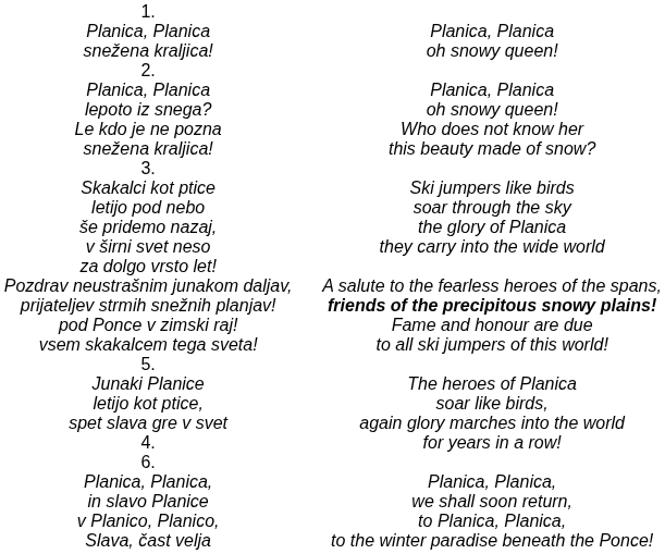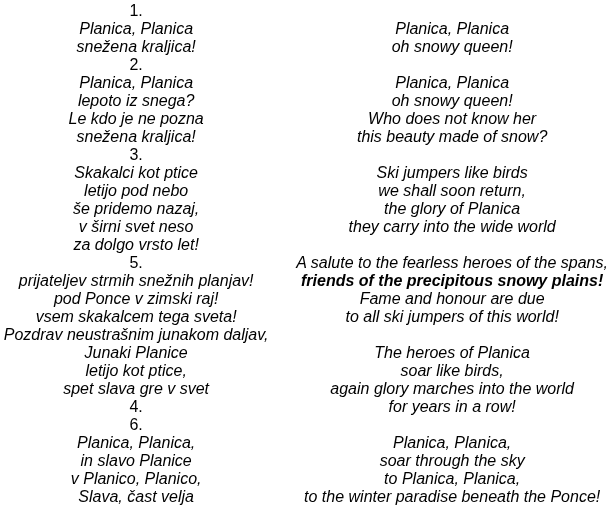 <table border="0" cellpadding="0" cellspacing="0" width="50%">
 <tr>
 <td align="center">1.</td>
 </tr>
 <tr>
 <td align="center"><em>Planica, Planica</em></td>
 <td align="center"><em>Planica, Planica</em></td>
 </tr>
 <tr>
 <td align="center"><em>snežena kraljica!</em></td>
 <td align="center"><em>oh snowy queen!</em></td>
 </tr>
 <tr>
 <td align="center">2.</td>
 </tr>
 <tr>
 <td align="center"><em>Planica, Planica</em></td>
 <td align="center"><em>Planica, Planica</em></td>
 </tr>
 <tr>
 <td align="center"><em>lepoto iz snega?</em></td>
 <td align="center"><em>oh snowy queen!</em></td>
 </tr>
 <tr>
 <td align="center"><em>Le kdo je ne pozna</em></td>
 <td align="center"><em>Who does not know her</em></td>
 </tr>
 <tr>
 <td align="center"><em>snežena kraljica!</em></td>
 <td align="center"><em>this beauty made of snow?</em></td>
 </tr>
 <tr>
 <td align="center">3.</td>
 </tr>
 <tr>
 <td align="center"><em>Skakalci kot ptice</em></td>
 <td align="center"><em>Ski jumpers like birds</em></td>
 </tr>
 <tr>
 <td align="center"><em>letijo pod nebo</em></td>
-<td align="center"><em>soar through the sky</em></td>
+<td align="center"><em>we shall soon return,</em></td>
 </tr>
 <tr>
 <td align="center"><em>še pridemo nazaj,</em></td>
 <td align="center"><em>the glory of Planica</em></td>
 </tr>
 <tr>
 <td align="center"><em>v širni svet neso</em></td>
 <td align="center"><em>they carry into the wide world</em></td>
 </tr>
 <tr>
 <td align="center"><em>za dolgo vrsto let!</em></td>
 </tr>
 <tr>
-<td align="center"><em>Pozdrav neustrašnim junakom daljav,</em></td>
+<td align="center">5.</td>
 <td align="center"><em>A salute to the fearless heroes of the spans,</em></td>
 </tr>
 <tr>
 <td align="center"><em>prijateljev strmih snežnih planjav!</em></td>
 <td align="center"><strong><em>friends of the precipitous snowy plains!</em></strong></td>
 </tr>
 <tr>
 <td align="center"><em>pod Ponce v zimski raj!</em></td>
 <td align="center"><em>Fame and honour are due</em></td>
 </tr>
 <tr>
 <td align="center"><em>vsem skakalcem tega sveta!</em></td>
 <td align="center"><em>to all ski jumpers of this world!</em></td>
 </tr>
 <tr>
-<td align="center">5.</td>
+<td align="center"><em>Pozdrav neustrašnim junakom daljav,</em></td>
 </tr>
 <tr>
 <td align="center"><em>Junaki Planice</em></td>
 <td align="center"><em>The heroes of Planica</em></td>
 </tr>
 <tr>
 <td align="center"><em>letijo kot ptice,</em></td>
 <td align="center"><em>soar like birds,</em></td>
 </tr>
 <tr>
 <td align="center"><em>spet slava gre v svet</em></td>
 <td align="center"><em>again glory marches into the world</em></td>
 </tr>
 <tr>
 <td align="center">4.</td>
 <td align="center"><em>for years in a row!</em></td>
 </tr>
 <tr>
 <td align="center">6.</td>
 </tr>
 <tr>
 <td align="center"><em>Planica, Planica,</em></td>
 <td align="center"><em>Planica, Planica,</em></td>
 </tr>
 <tr>
 <td align="center"><em>in slavo Planice</em></td>
-<td align="center"><em>we shall soon return,</em></td>
+<td align="center"><em>soar through the sky</em></td>
 </tr>
 <tr>
 <td align="center"><em>v Planico, Planico,</em></td>
 <td align="center"><em>to Planica, Planica,</em></td>
 </tr>
 <tr>
 <td align="center"><em>Slava, čast velja</em></td>
 <td align="center"><em>to the winter paradise beneath the Ponce!</em></td>
 </tr>
 </table>
